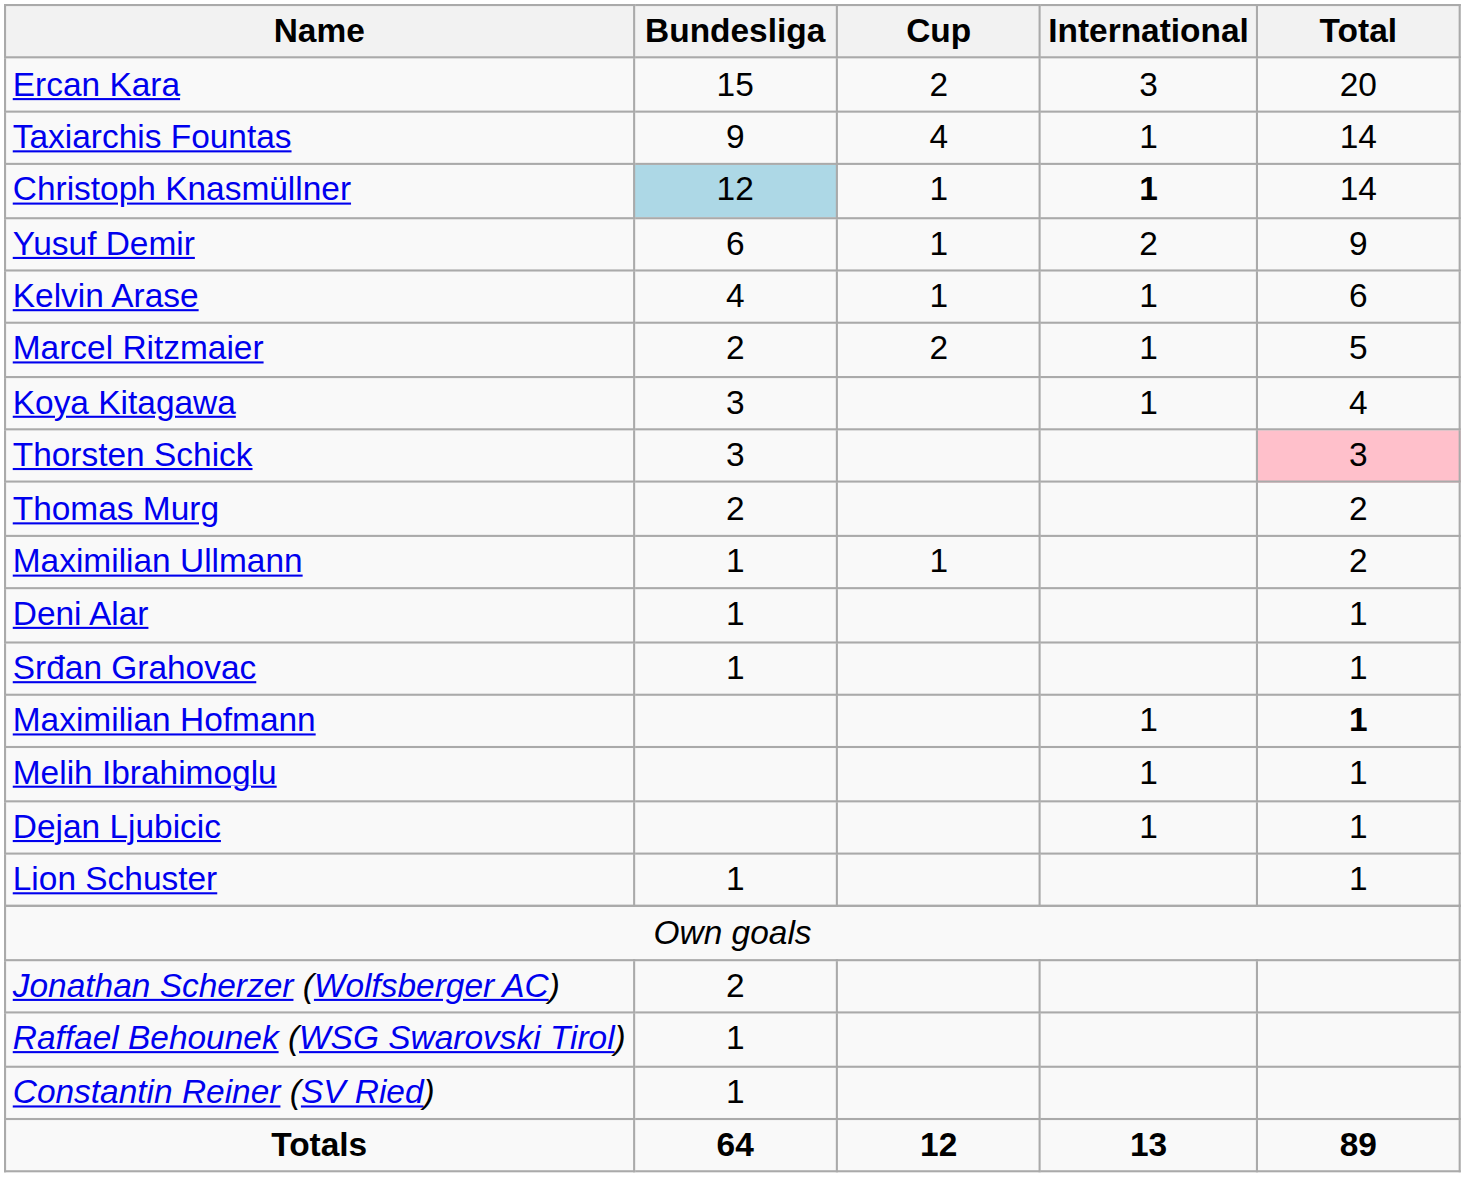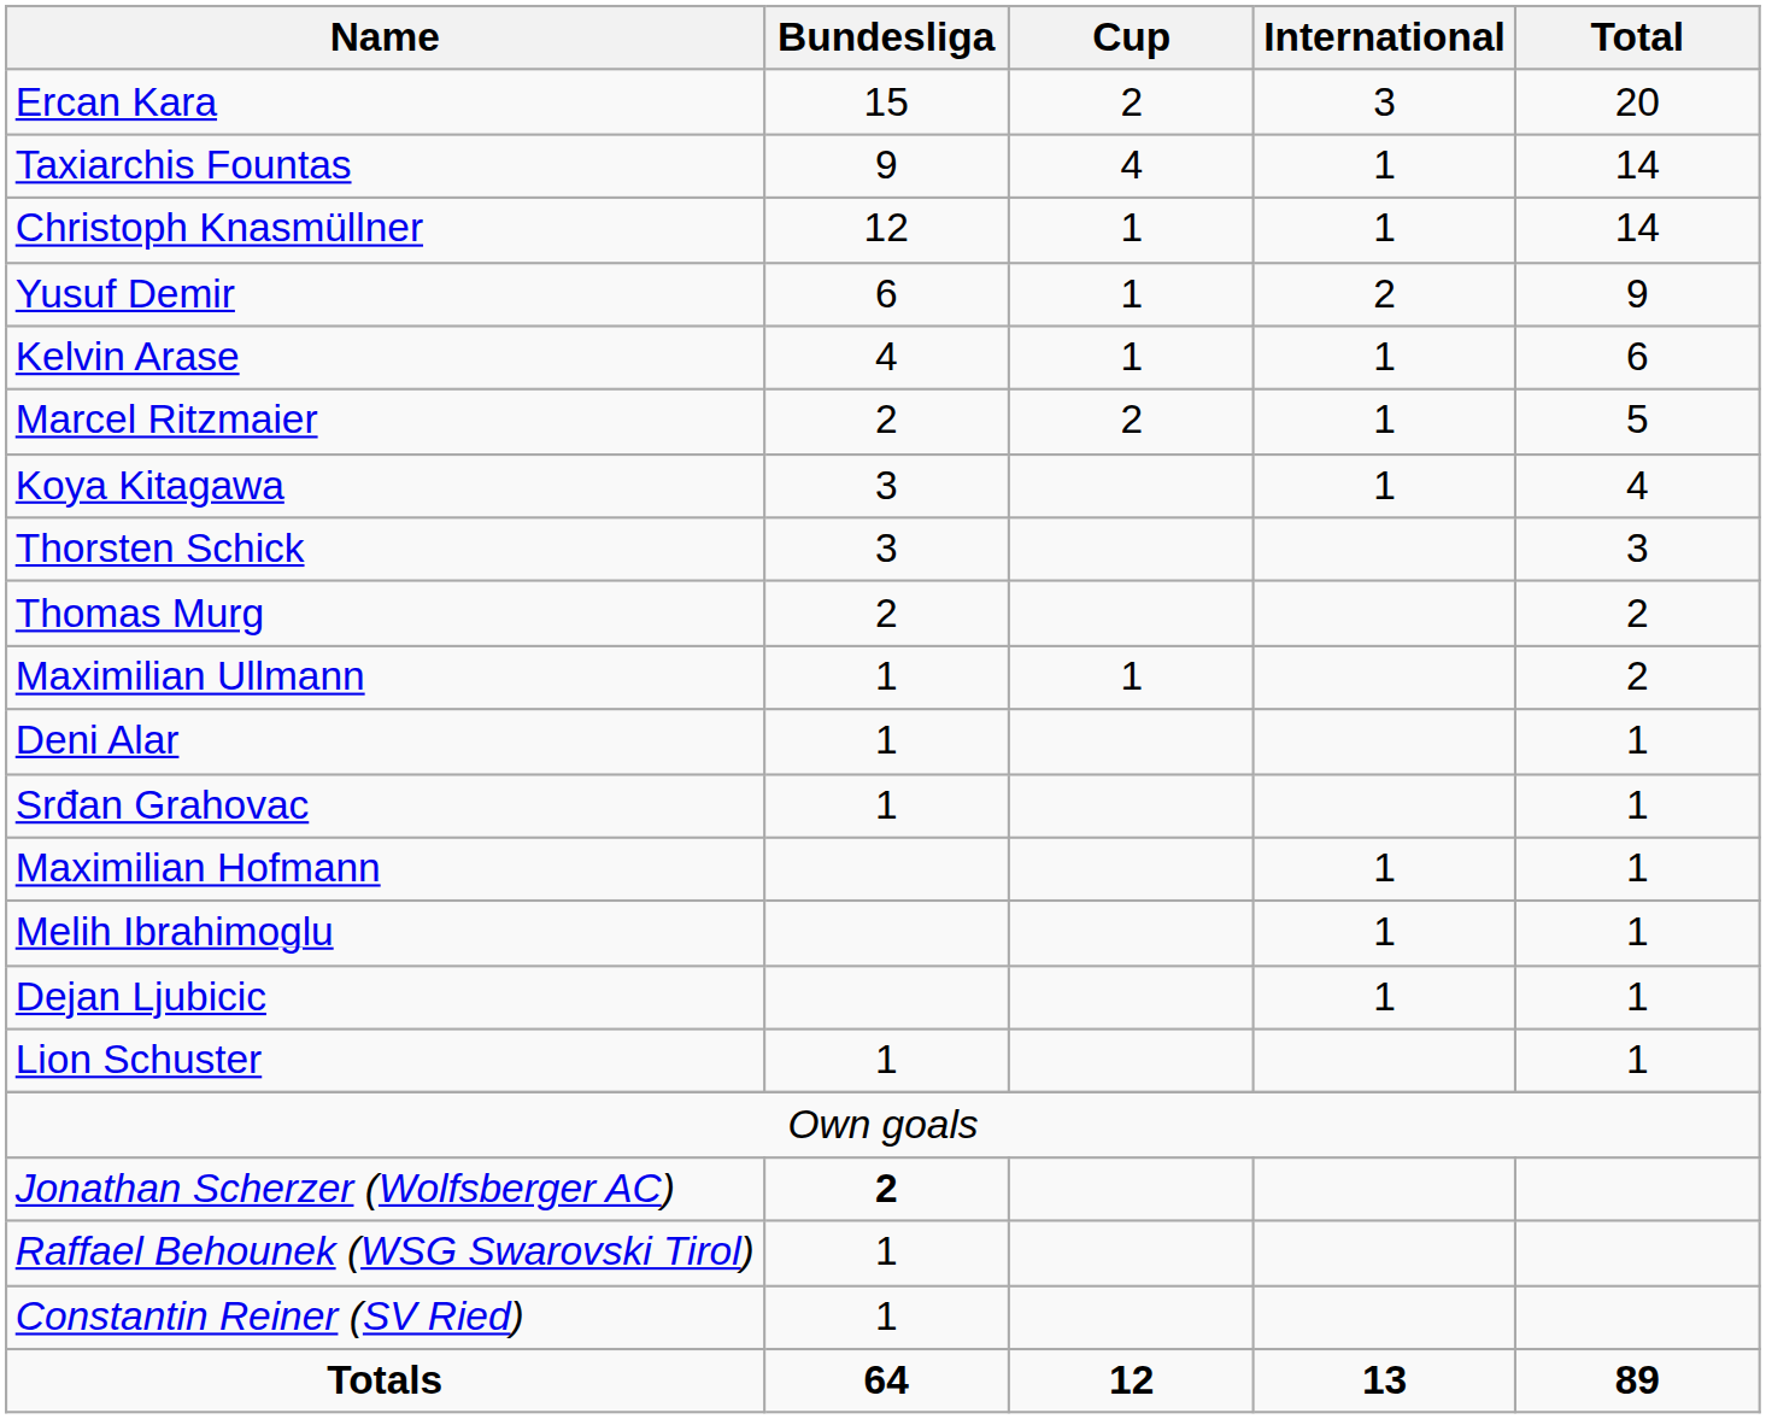 <table class="wikitable sortable" style="text-align: center;">
 <tr>
 <th class="unsortable">Name</th>
 <th width=90>Bundesliga</th>
 <th width=90>Cup</th>
 <th width=90>International</th>
 <th width=90>Total</th>
 </tr>
 <tr>
 <td align="left"> <a href='#'>Ercan Kara</a></td>
 <td>15</td>
 <td>2</td>
 <td>3</td>
 <td>20</td>
 </tr>
 <tr>
 <td align="left"> <a href='#'>Taxiarchis Fountas</a></td>
 <td>9</td>
 <td>4</td>
 <td>1</td>
 <td>14</td>
 </tr>
 <tr>
 <td align="left"> <a href='#'>Christoph Knasmüllner</a></td>
-<td style="background: lightblue;">12</td>
+<td>12</td>
 <td>1</td>
-<td><strong>1</strong></td>
+<td>1</td>
 <td>14</td>
 </tr>
 <tr>
 <td align="left"> <a href='#'>Yusuf Demir</a></td>
 <td>6</td>
 <td>1</td>
 <td>2</td>
 <td>9</td>
 </tr>
 <tr>
 <td align="left"> <a href='#'>Kelvin Arase</a></td>
 <td>4</td>
 <td>1</td>
 <td>1</td>
 <td>6</td>
 </tr>
 <tr>
 <td align="left"> <a href='#'>Marcel Ritzmaier</a></td>
 <td>2</td>
 <td>2</td>
 <td>1</td>
 <td>5</td>
 </tr>
 <tr>
 <td align="left"> <a href='#'>Koya Kitagawa</a></td>
 <td>3</td>
 <td></td>
 <td>1</td>
 <td>4</td>
 </tr>
 <tr>
 <td align="left"> <a href='#'>Thorsten Schick</a></td>
 <td>3</td>
 <td></td>
 <td></td>
-<td style="background: pink;">3</td>
+<td>3</td>
 </tr>
 <tr>
 <td align="left"> <a href='#'>Thomas Murg</a></td>
 <td>2</td>
 <td></td>
 <td></td>
 <td>2</td>
 </tr>
 <tr>
 <td align="left"> <a href='#'>Maximilian Ullmann</a></td>
 <td>1</td>
 <td>1</td>
 <td></td>
 <td>2</td>
 </tr>
 <tr>
 <td align="left"> <a href='#'>Deni Alar</a></td>
 <td>1</td>
 <td></td>
 <td></td>
 <td>1</td>
 </tr>
 <tr>
 <td align="left"> <a href='#'>Srđan Grahovac</a></td>
 <td>1</td>
 <td></td>
 <td></td>
 <td>1</td>
 </tr>
 <tr>
 <td align="left"> <a href='#'>Maximilian Hofmann</a></td>
 <td></td>
 <td></td>
 <td>1</td>
-<td><strong>1</strong></td>
+<td>1</td>
 </tr>
 <tr>
 <td align="left"> <a href='#'>Melih Ibrahimoglu</a></td>
 <td></td>
 <td></td>
 <td>1</td>
 <td>1</td>
 </tr>
 <tr>
 <td align="left"> <a href='#'>Dejan Ljubicic</a></td>
 <td></td>
 <td></td>
 <td>1</td>
 <td>1</td>
 </tr>
 <tr>
 <td align="left"> <a href='#'>Lion Schuster</a></td>
 <td>1</td>
 <td></td>
 <td></td>
 <td>1</td>
 </tr>
 <tr>
 </tr>
 <tr class="sortbottom">
 <td colspan="5"><em>Own goals</em></td>
 </tr>
 <tr class="sortbottom">
 <td align="left"> <em><a href='#'>Jonathan Scherzer</a> (<a href='#'>Wolfsberger AC</a>)</em></td>
-<td>2</td>
+<td><strong>2</strong></td>
 <td></td>
 <td></td>
 <td></td>
 </tr>
 <tr class="sortbottom">
 <td align="left"> <em><a href='#'>Raffael Behounek</a> (<a href='#'>WSG Swarovski Tirol</a>)</em></td>
 <td>1</td>
 <td></td>
 <td></td>
 <td></td>
 </tr>
 <tr class="sortbottom">
 <td align="left"> <em><a href='#'>Constantin Reiner</a> (<a href='#'>SV Ried</a>)</em></td>
 <td>1</td>
 <td></td>
 <td></td>
 <td></td>
 </tr>
 <tr class="sortbottom">
 <td><strong>Totals</strong></td>
 <td><strong>64</strong></td>
 <td><strong>12</strong></td>
 <td><strong>13</strong></td>
 <td><strong>89</strong></td>
 </tr>
 </table>
